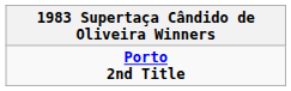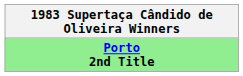 <table class="wikitable" style="text-align: center; margin: 0 auto; width: 20%">
 <tr>
 <th>1983 Supertaça Cândido de Oliveira Winners</th>
 </tr>
 <tr>
-<td><strong><a href='#'>Porto</a></strong><br><strong>2nd Title</strong></td>
+<td style="background: lightgreen;"><strong><a href='#'>Porto</a></strong><br><strong>2nd Title</strong></td>
 </tr>
 </table>
